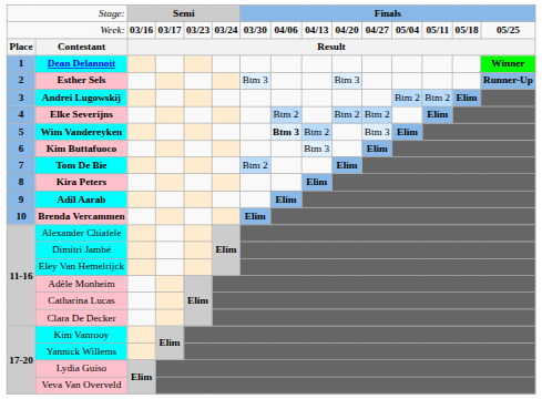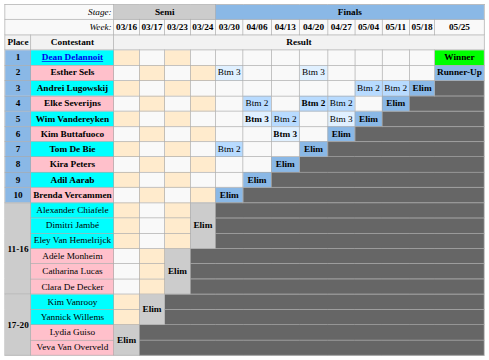 <table class="wikitable" style="margin:1em auto; text-align:center; font-size:85%">
 <tr>
 <td style="text-align:right;" colspan="2"><em>Stage:</em></td>
 <td style="background:#ccc;" colspan="4"><strong>Semi</strong></td>
 <td style="background:#8ab8e6;" colspan="9"><strong>Finals</strong></td>
 </tr>
 <tr>
 <td style="text-align:right;" colspan="2"><em>Week:</em></td>
 <td><strong>03/16</strong></td>
 <td><strong>03/17</strong></td>
 <td><strong>03/23</strong></td>
 <td><strong>03/24</strong></td>
 <td><strong>03/30</strong></td>
 <td><strong>04/06</strong></td>
 <td><strong>04/13</strong></td>
 <td><strong>04/20</strong></td>
 <td><strong>04/27</strong></td>
 <td><strong>05/04</strong></td>
 <td><strong>05/11</strong></td>
 <td><strong>05/18</strong></td>
 <td><strong>05/25</strong></td>
 </tr>
 <tr>
 <th>Place</th>
 <th>Contestant</th>
 <th style="text-align:center;" colspan="13">Result</th>
 </tr>
 <tr>
 <td style="background:#8ab8e6;"><strong>1</strong></td>
 <td style="background:cyan;"><strong><a href='#'>Dean Delannoit</a></strong></td>
 <td style="background:#ffebcd;"></td>
 <td></td>
 <td style="background:#ffebcd;"></td>
 <td></td>
 <td></td>
 <td></td>
 <td></td>
 <td></td>
 <td></td>
 <td></td>
 <td></td>
 <td></td>
 <td style="background:Lime; text-align:center;"><strong>Winner</strong></td>
 </tr>
 <tr>
 <td style="background:#8ab8e6;"><strong>2</strong></td>
 <td style="background:pink;"><strong>Esther Sels</strong></td>
 <td></td>
 <td style="background:#ffebcd;"></td>
 <td></td>
 <td style="background:#ffebcd;"></td>
 <td style="background:#e0f0ff;">Btm 3</td>
 <td></td>
 <td></td>
 <td style="background:#e0f0ff;">Btm 3</td>
 <td></td>
 <td></td>
 <td></td>
 <td></td>
 <td style="background:#8ab8e6;"><strong>Runner-Up</strong></td>
 </tr>
 <tr>
 <td style="background:#8ab8e6;"><strong>3</strong></td>
 <td style="background:cyan;"><strong>Andrei Lugowskij</strong></td>
 <td style="background:#ffebcd;"></td>
 <td></td>
 <td style="background:#ffebcd;"></td>
 <td></td>
 <td></td>
 <td></td>
 <td></td>
 <td></td>
 <td></td>
 <td style="background:#b8dbff;">Btm 2</td>
 <td style="background:#b8dbff;">Btm 2</td>
 <td style="background:#8ab8e6;"><strong>Elim</strong></td>
 <td style="background:#666;"></td>
 </tr>
 <tr>
 <td style="background:#8ab8e6;"><strong>4</strong></td>
 <td style="background:pink;"><strong>Elke Severijns</strong></td>
 <td></td>
 <td style="background:#ffebcd;"></td>
 <td></td>
 <td style="background:#ffebcd;"></td>
 <td></td>
 <td style="background:#b8dbff;">Btm 2</td>
 <td></td>
-<td style="background:#b8dbff;">Btm 2</td>
+<td style="background:#b8dbff;"><strong>Btm 2</strong></td>
 <td style="background:#b8dbff;">Btm 2</td>
 <td></td>
 <td style="background:#8ab8e6;"><strong>Elim</strong></td>
 <td colspan="2" style="background:#666;"></td>
 </tr>
 <tr>
 <td style="background:#8ab8e6;"><strong>5</strong></td>
 <td style="background:cyan;"><strong>Wim Vandereyken</strong></td>
 <td style="background:#ffebcd;"></td>
 <td></td>
 <td style="background:#ffebcd;"></td>
 <td></td>
 <td></td>
 <td style="background:#e0f0ff;"><strong>Btm 3</strong></td>
 <td style="background:#b8dbff;">Btm 2</td>
 <td></td>
 <td style="background:#e0f0ff;">Btm 3</td>
 <td style="background:#8ab8e6;"><strong>Elim</strong></td>
 <td colspan="3" style="background:#666;"></td>
 </tr>
 <tr>
 <td style="background:#8ab8e6;"><strong>6</strong></td>
 <td style="background:pink;"><strong>Kim Buttafuoco</strong></td>
 <td></td>
 <td style="background:#ffebcd;"></td>
 <td></td>
 <td style="background:#ffebcd;"></td>
 <td></td>
 <td></td>
-<td style="background:#e0f0ff;">Btm 3</td>
+<td style="background:#e0f0ff;"><strong>Btm 3</strong></td>
 <td></td>
 <td style="background:#8ab8e6;"><strong>Elim</strong></td>
 <td colspan="4" style="background:#666;"></td>
 </tr>
 <tr>
 <td style="background:#8ab8e6;"><strong>7</strong></td>
 <td style="background:cyan;"><strong>Tom De Bie</strong></td>
 <td style="background:#ffebcd;"></td>
 <td></td>
 <td style="background:#ffebcd;"></td>
 <td></td>
 <td style="background:#b8dbff;">Btm 2</td>
 <td></td>
 <td></td>
 <td style="background:#8ab8e6;"><strong>Elim</strong></td>
 <td colspan="5" style="background:#666;"></td>
 </tr>
 <tr>
 <td style="background:#8ab8e6;"><strong>8</strong></td>
 <td style="background:pink;"><strong>Kira Peters</strong></td>
 <td></td>
 <td style="background:#ffebcd;"></td>
 <td></td>
 <td style="background:#ffebcd;"></td>
 <td></td>
 <td></td>
 <td style="background:#8ab8e6;"><strong>Elim</strong></td>
 <td colspan="6" style="background:#666;"></td>
 </tr>
 <tr>
 <td style="background:#8ab8e6;"><strong>9</strong></td>
 <td style="background:cyan;"><strong>Adil Aarab</strong></td>
 <td style="background:#ffebcd;"></td>
 <td></td>
 <td style="background:#ffebcd;"></td>
 <td></td>
 <td></td>
 <td style="background:#8ab8e6;"><strong>Elim</strong></td>
 <td colspan="7" style="background:#666;"></td>
 </tr>
 <tr>
 <td style="background:#8ab8e6;"><strong>10</strong></td>
 <td style="background:pink;"><strong>Brenda Vercammen</strong></td>
 <td></td>
 <td style="background:#ffebcd;"></td>
 <td></td>
 <td style="background:#ffebcd;"></td>
 <td style="background:#8ab8e6;"><strong>Elim</strong></td>
 <td colspan="8" style="background:#666;"></td>
 </tr>
 <tr>
 <td rowspan="6" style="background:#ccc;"><strong>11-16</strong></td>
 <td style="background:cyan;">Alexander Chiafele</td>
 <td style="background:#ffebcd;"></td>
 <td></td>
 <td style="background:#ffebcd;"></td>
 <td style="background:#ccc;" rowspan="3"><strong>Elim</strong></td>
 <td colspan="9" style="background:#666;"></td>
 </tr>
 <tr>
 <td style="background:cyan;">Dimitri Jambé</td>
 <td style="background:#ffebcd;"></td>
 <td></td>
 <td style="background:#ffebcd;"></td>
 <td colspan="9" style="background:#666;"></td>
 </tr>
 <tr>
 <td style="background:cyan;">Eley Van Hemelrijck</td>
 <td style="background:#ffebcd;"></td>
 <td></td>
 <td style="background:#ffebcd;"></td>
 <td colspan="9" style="background:#666;"></td>
 </tr>
 <tr>
 <td style="background:pink;">Adèle Monheim</td>
 <td></td>
 <td style="background:#ffebcd;"></td>
 <td style="background:#ccc;" rowspan="3"><strong>Elim</strong></td>
 <td colspan="10" style="background:#666;"></td>
 </tr>
 <tr>
 <td style="background:pink;">Catharina Lucas</td>
 <td></td>
 <td style="background:#ffebcd;"></td>
 <td colspan="10" style="background:#666;"></td>
 </tr>
 <tr>
 <td style="background:pink;">Clara De Decker</td>
 <td></td>
 <td style="background:#ffebcd;"></td>
 <td colspan="10" style="background:#666;"></td>
 </tr>
 <tr>
 <td rowspan="4" style="background:#ccc;"><strong>17-20</strong></td>
 <td style="background:cyan;">Kim Vanrooy</td>
 <td style="background:#ffebcd;"></td>
 <td style="background:#ccc;" rowspan="2"><strong>Elim</strong></td>
 <td colspan="11" style="background:#666;"></td>
 </tr>
 <tr>
 <td style="background:cyan;">Yannick Willems</td>
 <td style="background:#ffebcd;"></td>
 <td colspan="11" style="background:#666;"></td>
 </tr>
 <tr>
 <td style="background:pink;">Lydia Guiso</td>
 <td style="background:#ccc;" rowspan="2"><strong>Elim</strong></td>
 <td colspan="12" style="background:#666;"></td>
 </tr>
 <tr>
 <td style="background:pink;">Veva Van Overveld</td>
 <td colspan="12" style="background:#666;"></td>
 </tr>
 </table>
